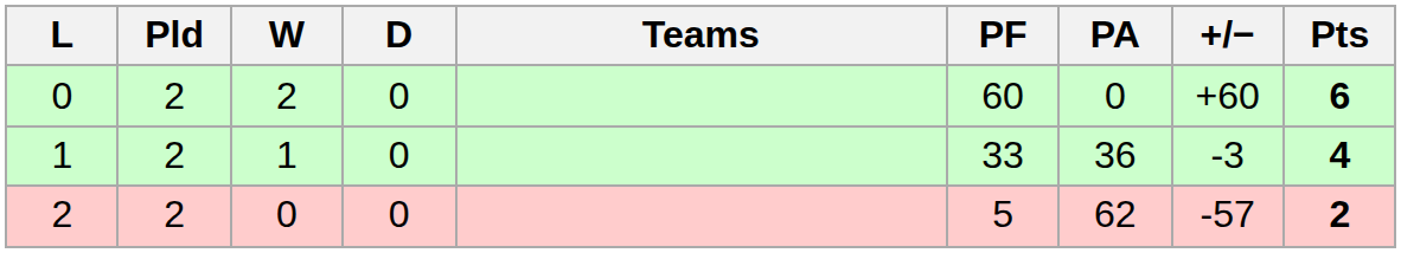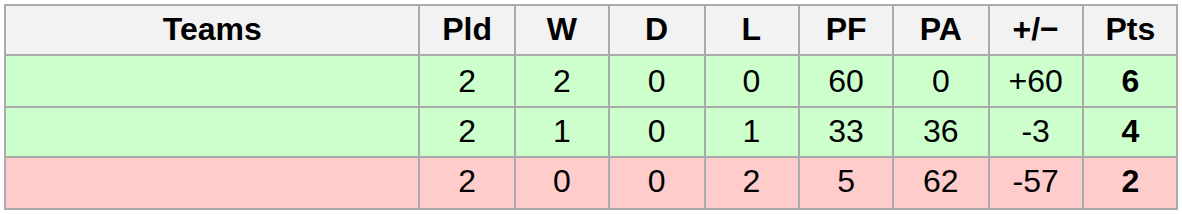 <table class="wikitable" style="text-align: center;">
 <tr>
-<th width="40">L</th>
+<th width="200">Teams</th>
 <th width="40">Pld</th>
 <th width="40">W</th>
 <th width="40">D</th>
-<th width="200">Teams</th>
+<th width="40">L</th>
 <th width="40">PF</th>
 <th width="40">PA</th>
 <th width="40">+/−</th>
 <th width="40">Pts</th>
 </tr>
 <tr bgcolor=ccffcc>
-<td>0</td>
+<td align=left></td>
 <td>2</td>
 <td>2</td>
 <td>0</td>
-<td align=left></td>
+<td>0</td>
 <td>60</td>
 <td>0</td>
 <td>+60</td>
 <td><strong>6</strong></td>
 </tr>
 <tr bgcolor=ccffcc>
-<td>1</td>
+<td align=left></td>
 <td>2</td>
 <td>1</td>
 <td>0</td>
-<td align=left></td>
+<td>1</td>
 <td>33</td>
 <td>36</td>
 <td>-3</td>
 <td><strong>4</strong></td>
 </tr>
 <tr bgcolor=ffcccc>
-<td>2</td>
+<td align=left></td>
 <td>2</td>
 <td>0</td>
 <td>0</td>
-<td align=left></td>
+<td>2</td>
 <td>5</td>
 <td>62</td>
 <td>-57</td>
 <td><strong>2</strong></td>
 </tr>
 </table>
